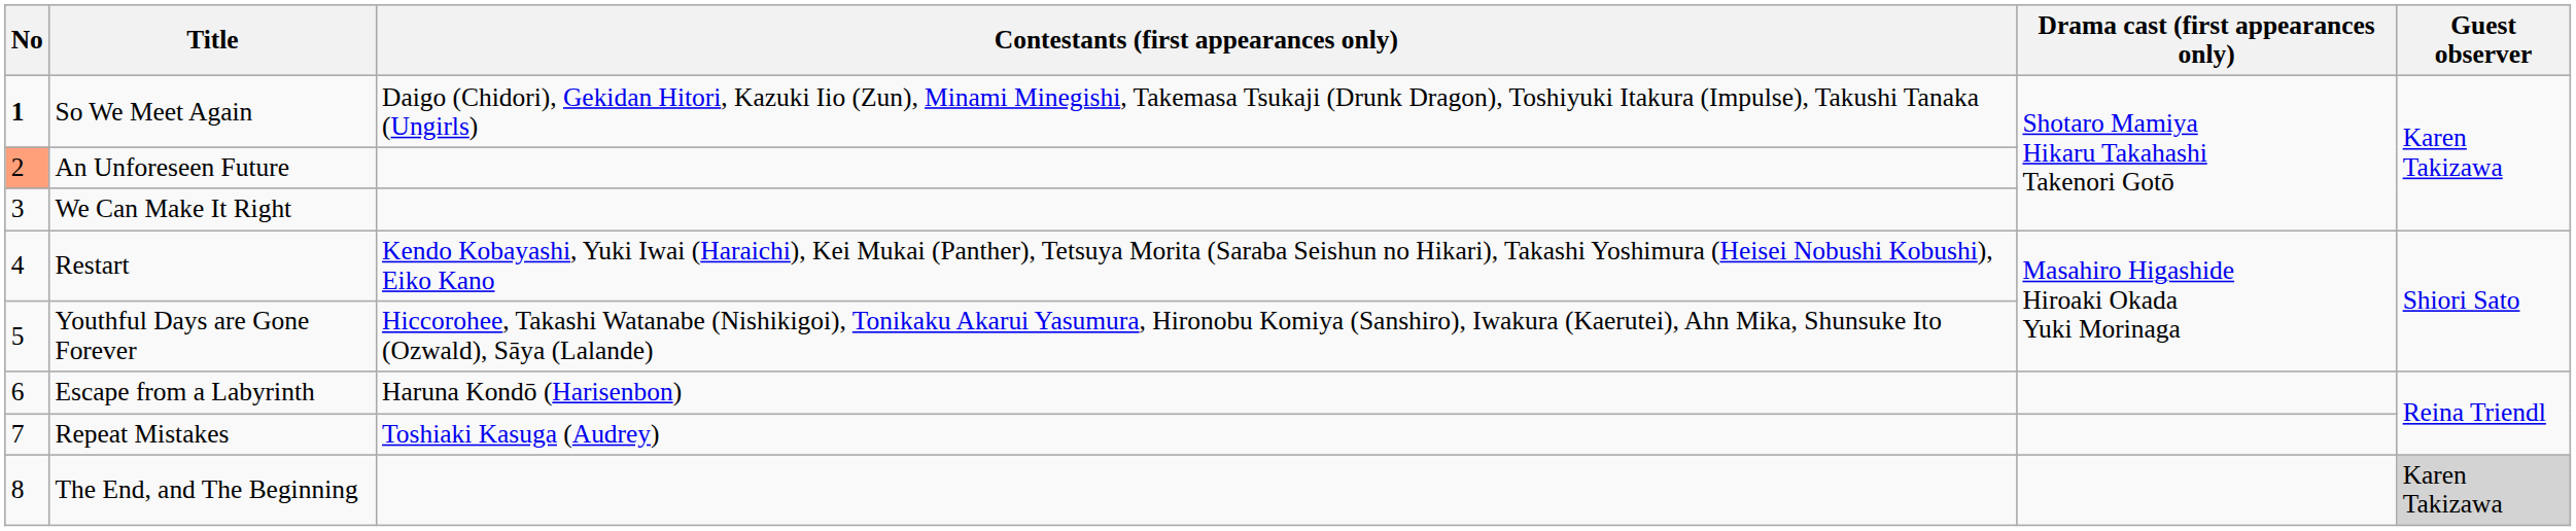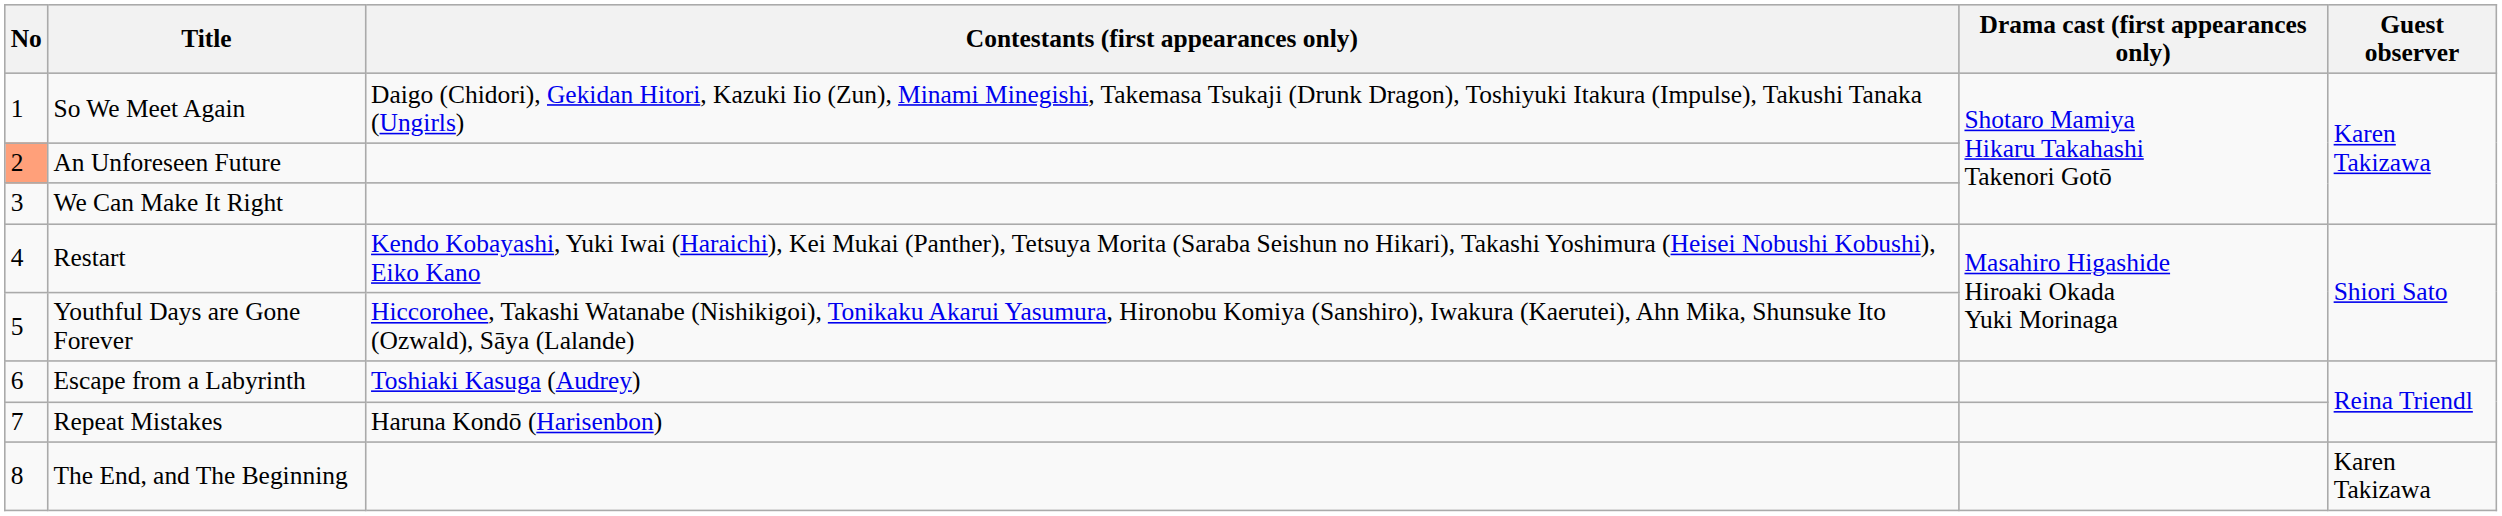 <table class="wikitable" style="font-size:smell">
 <tr>
 <th>No</th>
 <th>Title</th>
 <th>Contestants (first appearances only)</th>
 <th>Drama cast (first appearances only)</th>
 <th>Guest observer</th>
 </tr>
 <tr>
-<td><strong>1</strong></td>
+<td>1</td>
 <td>So We Meet Again</td>
 <td>Daigo (Chidori), <a href='#'>Gekidan Hitori</a>, Kazuki Iio (Zun), <a href='#'>Minami Minegishi</a>, Takemasa Tsukaji (Drunk Dragon), Toshiyuki Itakura (Impulse), Takushi Tanaka (<a href='#'>Ungirls</a>)</td>
 <td rowspan="3"><a href='#'>Shotaro Mamiya</a><br><a href='#'>Hikaru Takahashi</a><br>Takenori Gotō</td>
 <td rowspan="3"><a href='#'>Karen Takizawa</a></td>
 </tr>
 <tr>
 <td style="background: lightsalmon;">2</td>
 <td>An Unforeseen Future</td>
 <td></td>
 </tr>
 <tr>
 <td>3</td>
 <td>We Can Make It Right</td>
 <td></td>
 </tr>
 <tr>
 <td>4</td>
 <td>Restart</td>
 <td><a href='#'>Kendo Kobayashi</a>, Yuki Iwai (<a href='#'>Haraichi</a>), Kei Mukai (Panther), Tetsuya Morita (Saraba Seishun no Hikari), Takashi Yoshimura (<a href='#'>Heisei Nobushi Kobushi</a>), <a href='#'>Eiko Kano</a></td>
 <td rowspan="2"><a href='#'>Masahiro Higashide</a><br>Hiroaki Okada<br>Yuki Morinaga</td>
 <td rowspan="2"><a href='#'>Shiori Sato</a></td>
 </tr>
 <tr>
 <td>5</td>
 <td>Youthful Days are Gone Forever</td>
 <td><a href='#'>Hiccorohee</a>, Takashi Watanabe (Nishikigoi), <a href='#'>Tonikaku Akarui Yasumura</a>, Hironobu Komiya (Sanshiro), Iwakura (Kaerutei), Ahn Mika, Shunsuke Ito (Ozwald), Sāya (Lalande)</td>
 </tr>
 <tr>
 <td>6</td>
 <td>Escape from a Labyrinth</td>
-<td>Haruna Kondō (<a href='#'>Harisenbon</a>)</td>
+<td><a href='#'>Toshiaki Kasuga</a> (<a href='#'>Audrey</a>)</td>
 <td></td>
 <td rowspan="2"><a href='#'>Reina Triendl</a></td>
 </tr>
 <tr>
 <td>7</td>
 <td>Repeat Mistakes</td>
-<td><a href='#'>Toshiaki Kasuga</a> (<a href='#'>Audrey</a>)</td>
+<td>Haruna Kondō (<a href='#'>Harisenbon</a>)</td>
 <td></td>
 </tr>
 <tr>
 <td>8</td>
 <td>The End, and The Beginning</td>
 <td></td>
 <td></td>
-<td style="background: lightgrey;">Karen Takizawa</td>
+<td>Karen Takizawa</td>
 </tr>
 </table>
